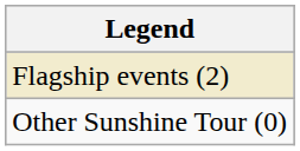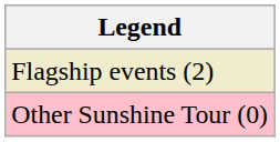 <table class="wikitable" style="font-size:95%;">
 <tr>
 <th>Legend</th>
 </tr>
 <tr style="background:#f2ecce;">
 <td>Flagship events (2)</td>
 </tr>
 <tr>
-<td>Other Sunshine Tour (0)</td>
+<td style="background: pink;">Other Sunshine Tour (0)</td>
 </tr>
 </table>
